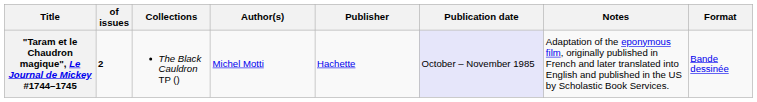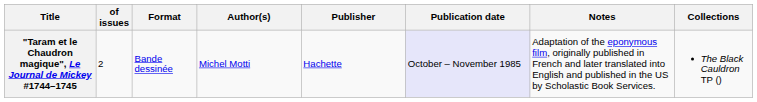 <table class="wikitable">
 <tr>
 <th>Title</th>
 <th style="width:40pt"> of issues</th>
-<th>Collections</th>
+<th style="width:75pt">Format</th>
 <th style="width:125pt">Author(s)</th>
 <th style="width:125pt">Publisher</th>
 <th style="width:150pt">Publication date</th>
 <th style="width:175pt">Notes</th>
-<th style="width:75pt">Format</th>
+<th>Collections</th>
 </tr>
 <tr>
 <th>"Taram et le Chaudron magique", <em><a href='#'>Le Journal de Mickey</a></em> #1744–1745</th>
-<td><strong>2</strong></td>
-<td><br><ul><li><em>The Black Cauldron</em> TP ()</li></ul></td>
+<td>2</td>
+<td><a href='#'>Bande dessinée</a></td>
 <td><a href='#'>Michel Motti</a></td>
 <td><a href='#'>Hachette</a></td>
 <td style="background: lavender;">October – November 1985</td>
 <td>Adaptation of the <a href='#'>eponymous film</a>, originally published in French and later translated into English and published in the US by Scholastic Book Services.</td>
-<td><a href='#'>Bande dessinée</a></td>
+<td><br><ul><li><em>The Black Cauldron</em> TP ()</li></ul></td>
 </tr>
 </table>
